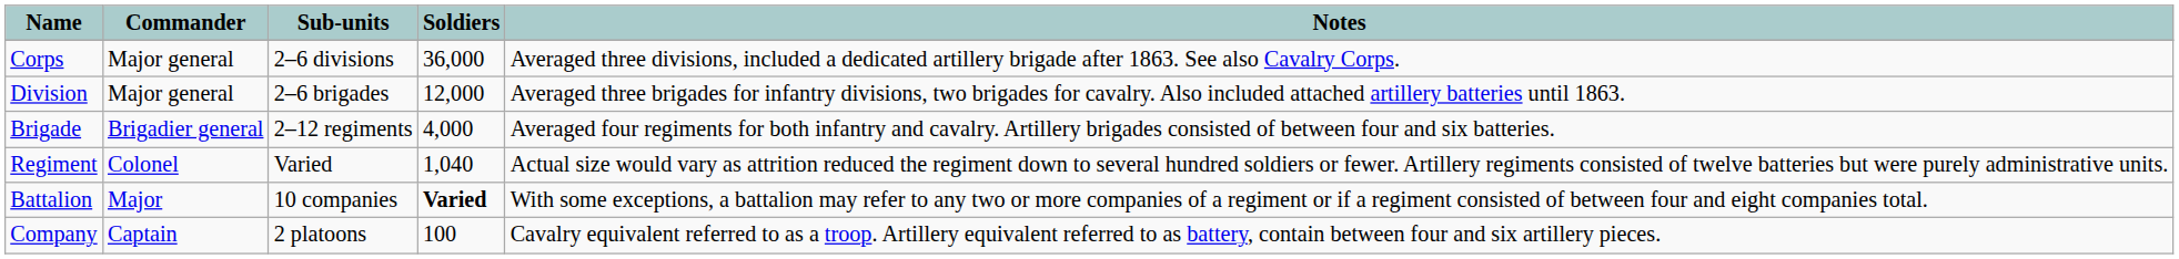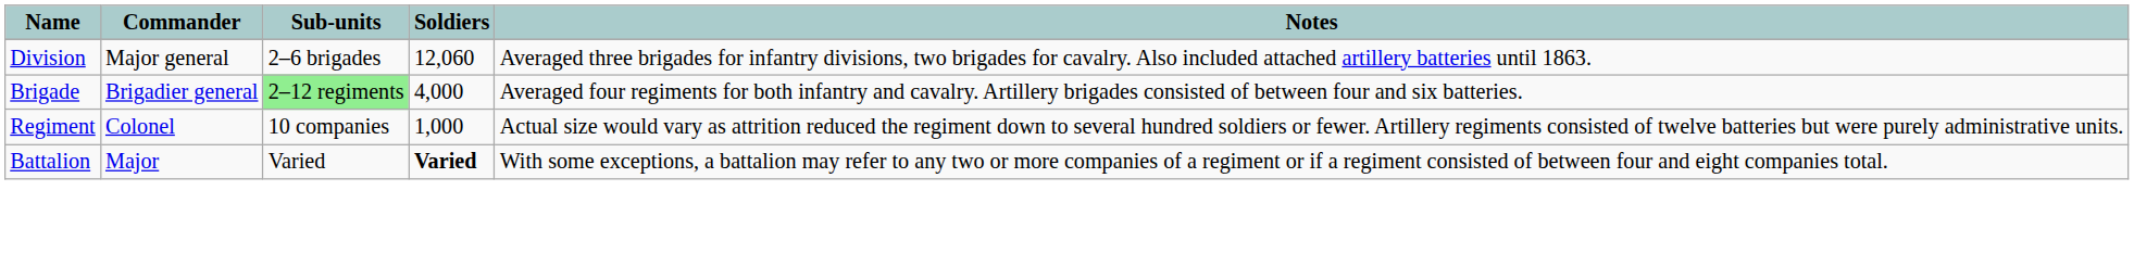 <table class="wikitable" style="display: inline-table;">
 <tr>
 <th style="text-align:center; background:#acc;">Name</th>
 <th style="text-align:l center; background:#acc;">Commander</th>
 <th style="text-align:l center; background:#acc;">Sub-units</th>
 <th style="text-align:center; background:#acc;">Soldiers</th>
 <th style="text-align:center; background:#acc;">Notes</th>
 </tr>
 <tr>
 </tr>
 <tr>
-<td><a href='#'>Corps</a></td>
-<td>Major general</td>
-<td>2–6 divisions</td>
-<td>36,000</td>
-<td>Averaged three divisions, included a dedicated artillery brigade after 1863. See also <a href='#'>Cavalry Corps</a>.</td>
-</tr>
-<tr>
 <td><a href='#'>Division</a></td>
 <td>Major general</td>
 <td>2–6 brigades</td>
-<td>12,000</td>
+<td>12,060</td>
 <td>Averaged three brigades for infantry divisions, two brigades for cavalry. Also included attached <a href='#'>artillery batteries</a> until 1863.</td>
 </tr>
 <tr>
 <td><a href='#'>Brigade</a></td>
 <td><a href='#'>Brigadier general</a></td>
-<td>2–12 regiments</td>
+<td style="background: lightgreen;">2–12 regiments</td>
 <td>4,000</td>
 <td>Averaged four regiments for both infantry and cavalry.  Artillery brigades consisted of between four and six batteries.</td>
 </tr>
 <tr>
 <td><a href='#'>Regiment</a></td>
 <td><a href='#'>Colonel</a></td>
-<td>Varied</td>
-<td>1,040</td>
+<td>10 companies</td>
+<td>1,000</td>
 <td>Actual size would vary as attrition reduced the regiment down to several hundred soldiers or fewer. Artillery regiments consisted of twelve batteries but were purely administrative units.</td>
 </tr>
 <tr>
 <td><a href='#'>Battalion</a></td>
 <td><a href='#'>Major</a></td>
-<td>10 companies</td>
+<td>Varied</td>
 <td><strong>Varied</strong></td>
 <td>With some exceptions, a battalion may refer to any two or more companies of a regiment or if a regiment consisted of between four and eight companies total.</td>
 </tr>
-<tr>
-<td><a href='#'>Company</a></td>
-<td><a href='#'>Captain</a></td>
-<td>2 platoons</td>
-<td>100</td>
-<td>Cavalry equivalent referred to as a <a href='#'>troop</a>. Artillery equivalent referred to as <a href='#'>battery</a>, contain between four and six artillery pieces.</td>
-</tr>
 </table>
